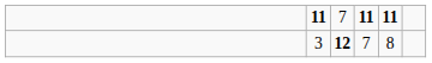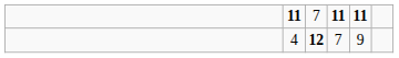 <table class="wikitable">
 <tr>
 <td style="width:18em"><strong></strong></td>
 <td align=center style="width:1em"><strong>11</strong></td>
 <td align=center style="width:1em">7</td>
 <td align=center style="width:1em"><strong>11</strong></td>
 <td align=center style="width:1em"><strong>11</strong></td>
 <td align=center style="width:1em"></td>
 </tr>
 <tr>
 <td style="width:18em"></td>
-<td align=center style="width:1em">3</td>
+<td align=center style="width:1em">4</td>
 <td align=center style="width:1em"><strong>12</strong></td>
 <td align=center style="width:1em">7</td>
-<td align=center style="width:1em">8</td>
+<td align=center style="width:1em">9</td>
 <td align=center style="width:1em"></td>
 </tr>
 </table>
